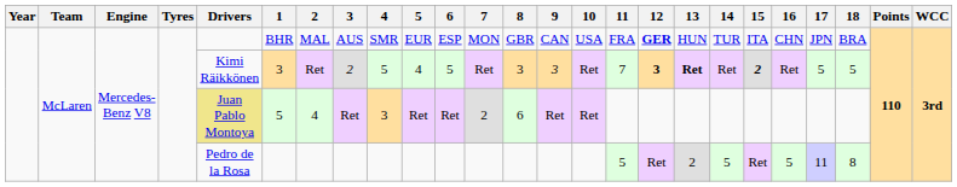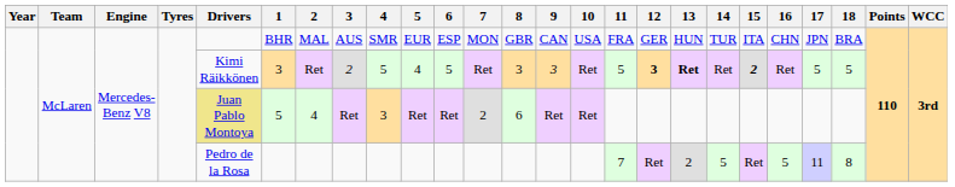 <table class="wikitable" style="text-align:center; font-size:95%">
 <tr>
 <th>Year</th>
 <th>Team</th>
 <th>Engine</th>
 <th>Tyres</th>
 <th>Drivers</th>
 <th>1</th>
 <th>2</th>
 <th>3</th>
 <th>4</th>
 <th>5</th>
 <th>6</th>
 <th>7</th>
 <th>8</th>
 <th>9</th>
 <th>10</th>
 <th>11</th>
 <th>12</th>
 <th>13</th>
 <th>14</th>
 <th>15</th>
 <th>16</th>
 <th>17</th>
 <th>18</th>
 <th>Points</th>
 <th>WCC</th>
 </tr>
 <tr>
 <td rowspan="4"></td>
 <td rowspan="4"><a href='#'>McLaren</a></td>
 <td rowspan="4"><a href='#'>Mercedes-Benz</a> <a href='#'>V8</a></td>
 <td rowspan="4"></td>
 <td></td>
 <td><a href='#'>BHR</a></td>
 <td><a href='#'>MAL</a></td>
 <td><a href='#'>AUS</a></td>
 <td><a href='#'>SMR</a></td>
 <td><a href='#'>EUR</a></td>
 <td><a href='#'>ESP</a></td>
 <td><a href='#'>MON</a></td>
 <td><a href='#'>GBR</a></td>
 <td><a href='#'>CAN</a></td>
 <td><a href='#'>USA</a></td>
 <td><a href='#'>FRA</a></td>
-<td><strong><a href='#'>GER</a></strong></td>
+<td><a href='#'>GER</a></td>
 <td><a href='#'>HUN</a></td>
 <td><a href='#'>TUR</a></td>
 <td><a href='#'>ITA</a></td>
 <td><a href='#'>CHN</a></td>
 <td><a href='#'>JPN</a></td>
 <td><a href='#'>BRA</a></td>
 <td rowspan="4" style="background:#FFDF9F;"><strong>110</strong></td>
 <td rowspan="4" style="background:#FFDF9F;"><strong>3rd</strong></td>
 </tr>
 <tr>
 <td> <a href='#'>Kimi Räikkönen</a></td>
 <td style="background:#FFDF9F;">3</td>
 <td style="background:#EFCFFF;">Ret</td>
 <td style="background:#DFDFDF;"><em>2</em></td>
 <td style="background:#DFFFDF;">5</td>
 <td style="background:#DFFFDF;">4</td>
 <td style="background:#DFFFDF;">5</td>
 <td style="background:#EFCFFF;">Ret</td>
 <td style="background:#FFDF9F;">3</td>
 <td style="background:#FFDF9F;"><em>3</em></td>
 <td style="background:#EFCFFF;">Ret</td>
-<td style="background:#DFFFDF;">7</td>
+<td style="background:#DFFFDF;">5</td>
 <td style="background:#FFDF9F;"><strong>3</strong></td>
 <td style="background:#EFCFFF;"><strong>Ret</strong></td>
 <td style="background:#EFCFFF;">Ret</td>
 <td style="background:#DFDFDF;"><strong><em>2</em></strong></td>
 <td style="background:#EFCFFF;">Ret</td>
 <td style="background:#DFFFDF;">5</td>
 <td style="background:#DFFFDF;">5</td>
 </tr>
 <tr>
 <td style="background: khaki;"> <a href='#'>Juan Pablo Montoya</a></td>
 <td style="background:#DFFFDF;">5</td>
 <td style="background:#DFFFDF;">4</td>
 <td style="background:#EFCFFF;">Ret</td>
 <td style="background:#FFDF9F;">3</td>
 <td style="background:#EFCFFF;">Ret</td>
 <td style="background:#EFCFFF;">Ret</td>
 <td style="background:#DFDFDF;">2</td>
 <td style="background:#DFFFDF;">6</td>
 <td style="background:#EFCFFF;">Ret</td>
 <td style="background:#EFCFFF;">Ret</td>
 <td></td>
 <td></td>
 <td></td>
 <td></td>
 <td></td>
 <td></td>
 <td></td>
 <td></td>
 </tr>
 <tr>
 <td> <a href='#'>Pedro de la Rosa</a></td>
 <td></td>
 <td></td>
 <td></td>
 <td></td>
 <td></td>
 <td></td>
 <td></td>
 <td></td>
 <td></td>
 <td></td>
-<td style="background:#DFFFDF;">5</td>
+<td style="background:#DFFFDF;">7</td>
 <td style="background:#EFCFFF;">Ret</td>
 <td style="background:#DFDFDF;">2</td>
 <td style="background:#DFFFDF;">5</td>
 <td style="background:#EFCFFF;">Ret</td>
 <td style="background:#DFFFDF;">5</td>
 <td style="background:#CFCFFF;">11</td>
 <td style="background:#DFFFDF;">8</td>
 </tr>
 </table>
